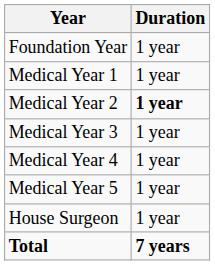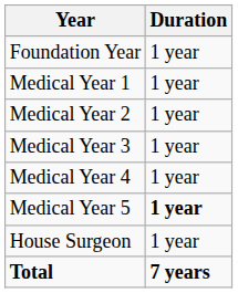 <table class="wikitable">
 <tr>
 <th>Year</th>
 <th>Duration</th>
 </tr>
 <tr>
 <td>Foundation Year</td>
 <td>1 year</td>
 </tr>
 <tr>
 <td>Medical Year 1</td>
 <td>1 year</td>
 </tr>
 <tr>
 <td>Medical Year 2</td>
-<td><strong>1 year</strong></td>
+<td>1 year</td>
 </tr>
 <tr>
 <td>Medical Year 3</td>
 <td>1 year</td>
 </tr>
 <tr>
 <td>Medical Year 4</td>
 <td>1 year</td>
 </tr>
 <tr>
 <td>Medical Year 5</td>
-<td>1 year</td>
+<td><strong>1 year</strong></td>
 </tr>
 <tr>
 <td>House Surgeon</td>
 <td>1 year</td>
 </tr>
 <tr>
 <td><strong>Total</strong></td>
 <td><strong>7 years</strong></td>
 </tr>
 </table>
